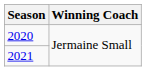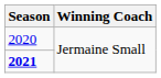 <table class="wikitable">
 <tr>
 <th>Season</th>
 <th>Winning Coach</th>
 </tr>
 <tr>
 <td><a href='#'>2020</a></td>
 <td rowspan="2">Jermaine Small</td>
 </tr>
 <tr>
-<td><a href='#'>2021</a></td>
+<td><strong><a href='#'>2021</a></strong></td>
 </tr>
 </table>
